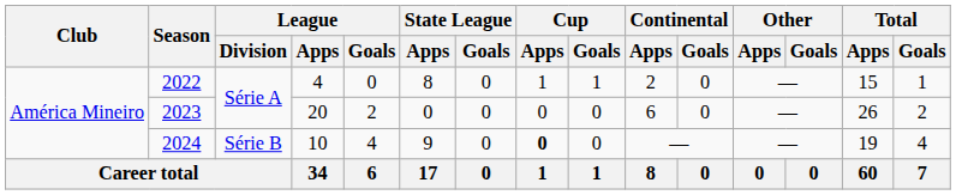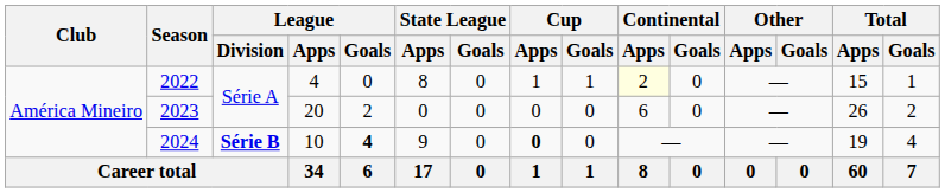 <table class="wikitable" style="text-align: center;">
 <tr>
 <th rowspan="2">Club</th>
 <th rowspan="2">Season</th>
 <th colspan="3">League</th>
 <th colspan="2">State League</th>
 <th colspan="2">Cup</th>
 <th colspan="2">Continental</th>
 <th colspan="2">Other</th>
 <th colspan="2">Total</th>
 </tr>
 <tr>
 <th>Division</th>
 <th>Apps</th>
 <th>Goals</th>
 <th>Apps</th>
 <th>Goals</th>
 <th>Apps</th>
 <th>Goals</th>
 <th>Apps</th>
 <th>Goals</th>
 <th>Apps</th>
 <th>Goals</th>
 <th>Apps</th>
 <th>Goals</th>
 </tr>
 <tr>
 <td rowspan="3"><a href='#'>América Mineiro</a></td>
 <td><a href='#'>2022</a></td>
 <td rowspan="2"><a href='#'>Série A</a></td>
 <td>4</td>
 <td>0</td>
 <td>8</td>
 <td>0</td>
 <td>1</td>
 <td>1</td>
-<td>2</td>
+<td style="background: lightyellow;">2</td>
 <td>0</td>
 <td colspan=2>—</td>
 <td>15</td>
 <td>1</td>
 </tr>
 <tr>
 <td><a href='#'>2023</a></td>
 <td>20</td>
 <td>2</td>
 <td>0</td>
 <td>0</td>
 <td>0</td>
 <td>0</td>
 <td>6</td>
 <td>0</td>
 <td colspan=2>—</td>
 <td>26</td>
 <td>2</td>
 </tr>
 <tr>
 <td><a href='#'>2024</a></td>
-<td><a href='#'>Série B</a></td>
+<td><strong><a href='#'>Série B</a></strong></td>
 <td>10</td>
-<td>4</td>
+<td><strong>4</strong></td>
 <td>9</td>
 <td>0</td>
 <td><strong>0</strong></td>
 <td>0</td>
 <td colspan=2>—</td>
 <td colspan=2>—</td>
 <td>19</td>
 <td>4</td>
 </tr>
 <tr>
 <th colspan=3><strong>Career total</strong></th>
 <th>34</th>
 <th>6</th>
 <th>17</th>
 <th>0</th>
 <th>1</th>
 <th>1</th>
 <th>8</th>
 <th>0</th>
 <th>0</th>
 <th>0</th>
 <th>60</th>
 <th>7</th>
 </tr>
 </table>
